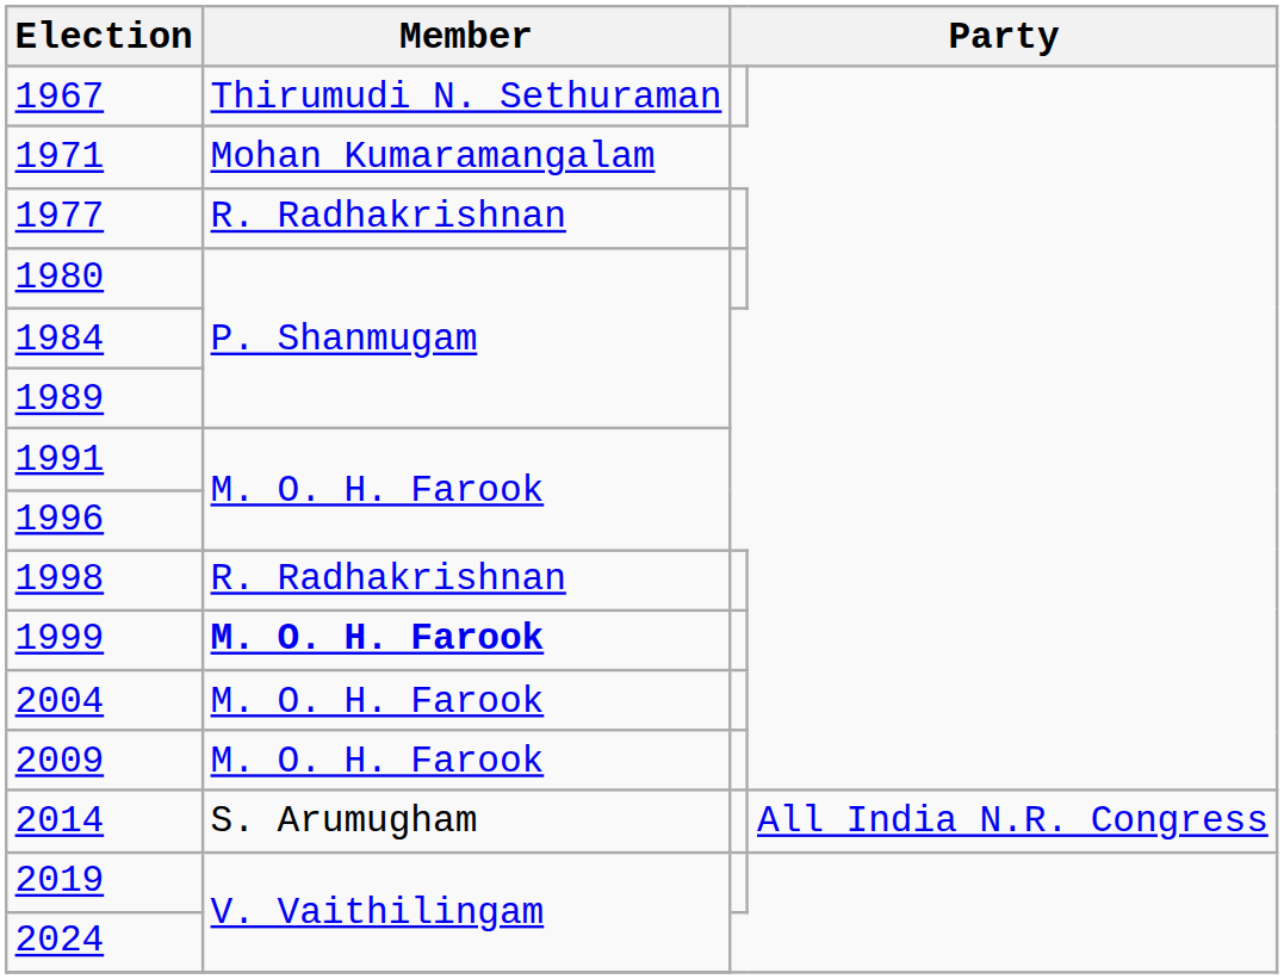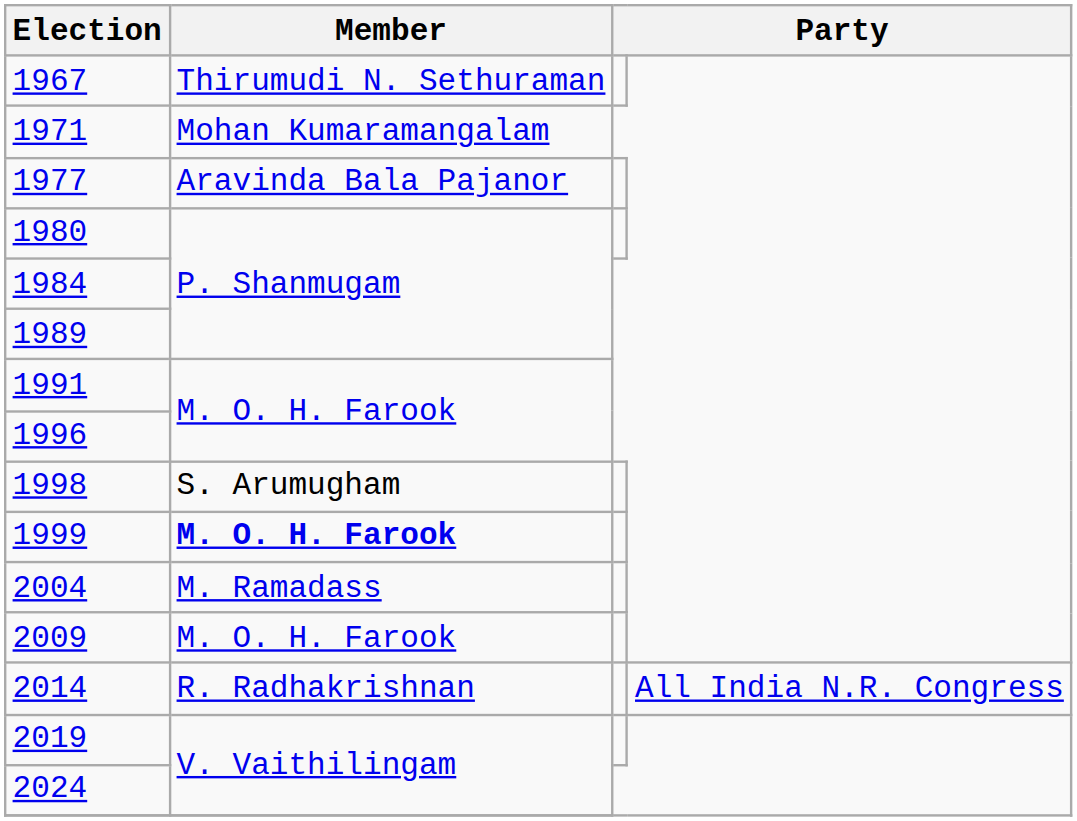 <table class="wikitable sortable">
 <tr>
 <th>Election</th>
 <th>Member</th>
 <th colspan="2">Party</th>
 </tr>
 <tr>
 <td><a href='#'>1967</a></td>
 <td><a href='#'>Thirumudi N. Sethuraman</a></td>
 <td></td>
 </tr>
 <tr>
 <td><a href='#'>1971</a></td>
 <td><a href='#'>Mohan Kumaramangalam</a></td>
 </tr>
 <tr>
 <td><a href='#'>1977</a></td>
-<td><a href='#'>R. Radhakrishnan</a></td>
+<td><a href='#'>Aravinda Bala Pajanor</a></td>
 <td></td>
 </tr>
 <tr>
 <td><a href='#'>1980</a></td>
 <td rowspan=3><a href='#'>P. Shanmugam</a></td>
 <td></td>
 </tr>
 <tr>
 <td><a href='#'>1984</a></td>
 </tr>
 <tr>
 <td><a href='#'>1989</a></td>
 </tr>
 <tr>
 <td><a href='#'>1991</a></td>
 <td rowspan=2><a href='#'>M. O. H. Farook</a></td>
 </tr>
 <tr>
 <td><a href='#'>1996</a></td>
 </tr>
 <tr>
 <td><a href='#'>1998</a></td>
-<td><a href='#'>R. Radhakrishnan</a></td>
+<td>S. Arumugham</td>
 <td></td>
 </tr>
 <tr>
 <td><a href='#'>1999</a></td>
 <td><strong><a href='#'>M. O. H. Farook</a></strong></td>
 <td></td>
 </tr>
 <tr>
 <td><a href='#'>2004</a></td>
-<td><a href='#'>M. O. H. Farook</a></td>
+<td><a href='#'>M. Ramadass</a></td>
 <td></td>
 </tr>
 <tr>
 <td><a href='#'>2009</a></td>
 <td><a href='#'>M. O. H. Farook</a></td>
 <td></td>
 </tr>
 <tr>
 <td><a href='#'>2014</a></td>
-<td>S. Arumugham</td>
+<td><a href='#'>R. Radhakrishnan</a></td>
 <td style="background-color: "></td>
 <td><a href='#'>All India N.R. Congress</a></td>
 </tr>
 <tr>
 <td><a href='#'>2019</a></td>
 <td rowspan=2><a href='#'>V. Vaithilingam</a></td>
 <td></td>
 </tr>
 <tr>
 <td><a href='#'>2024</a></td>
 </tr>
 <tr>
 </tr>
 </table>
